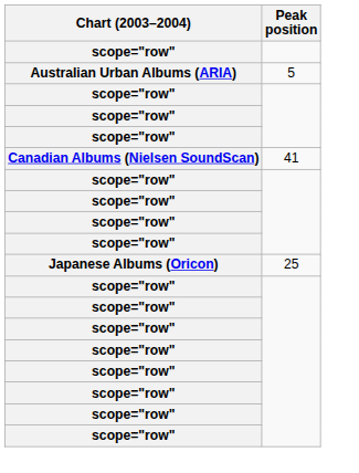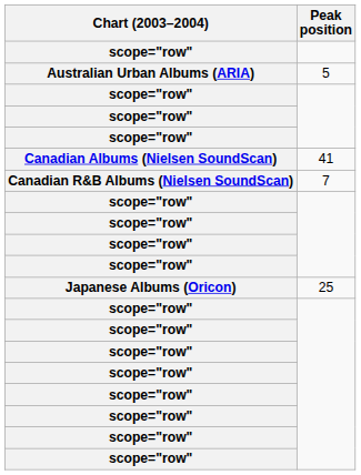 <table class="wikitable sortable plainrowheaders">
 <tr>
 <th scope="col">Chart (2003–2004)</th>
 <th scope="col">Peak<br>position</th>
 </tr>
 <tr>
 <th>scope="row" </th>
 </tr>
 <tr>
 <th scope="row">Australian Urban Albums (<a href='#'>ARIA</a>)</th>
 <td align="center">5</td>
 </tr>
 <tr>
 <th>scope="row" </th>
 </tr>
 <tr>
 <th>scope="row" </th>
 </tr>
 <tr>
 <th>scope="row" </th>
 </tr>
 <tr>
 <th scope="row"><a href='#'>Canadian Albums</a> (<a href='#'>Nielsen SoundScan</a>)</th>
 <td style="text-align:center;">41</td>
+</tr>
+<tr>
+<th scope="row">Canadian R&B Albums (<a href='#'>Nielsen SoundScan</a>)</th>
+<td style="text-align:center;">7</td>
 </tr>
 <tr>
 <th>scope="row" </th>
 </tr>
 <tr>
 <th>scope="row" </th>
 </tr>
 <tr>
 <th>scope="row" </th>
 </tr>
 <tr>
 <th>scope="row" </th>
 </tr>
 <tr>
 <th scope="row">Japanese Albums (<a href='#'>Oricon</a>)</th>
 <td align="center">25</td>
 </tr>
 <tr>
 <th>scope="row" </th>
 </tr>
 <tr>
 <th>scope="row" </th>
 </tr>
 <tr>
 <th>scope="row" </th>
 </tr>
 <tr>
 <th>scope="row" </th>
 </tr>
 <tr>
 <th>scope="row" </th>
 </tr>
 <tr>
 <th>scope="row" </th>
 </tr>
 <tr>
 <th>scope="row" </th>
 </tr>
 <tr>
 <th>scope="row" </th>
 </tr>
 </table>
